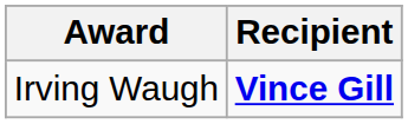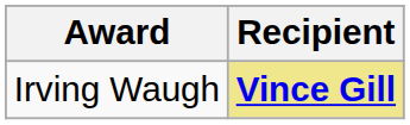 <table class="wikitable">
 <tr>
 <th>Award</th>
 <th>Recipient</th>
 </tr>
 <tr>
 <td>Irving Waugh</td>
-<td><strong><a href='#'>Vince Gill</a></strong></td>
+<td style="background: khaki;"><strong><a href='#'>Vince Gill</a></strong></td>
 </tr>
 </table>
